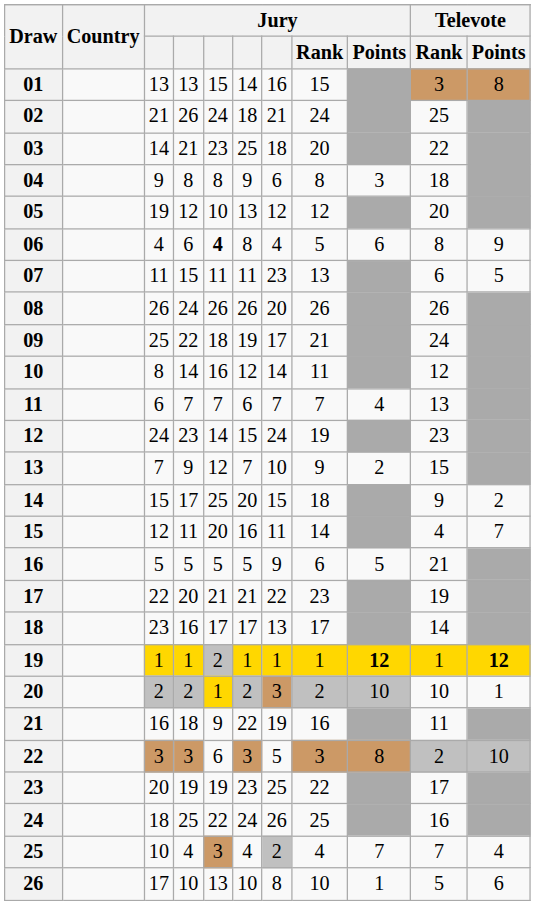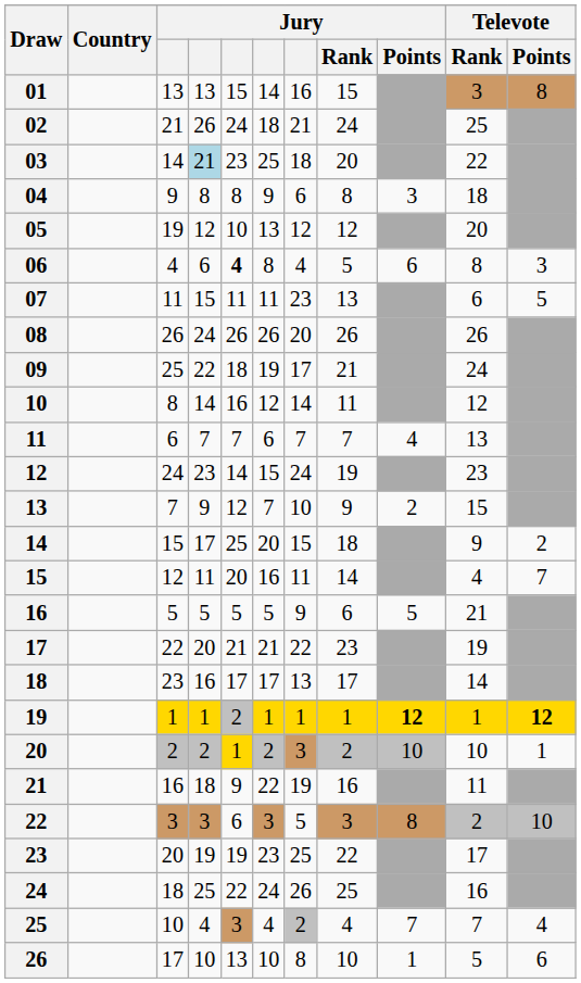 <table class="sortable wikitable collapsible plainrowheaders" style="text-align:center;">
 <tr>
 </tr>
 <tr>
 <th scope="col" rowspan="2">Draw</th>
 <th scope="col" rowspan="2">Country</th>
 <th scope="col" colspan="7">Jury</th>
 <th scope="col" colspan="2">Televote</th>
 </tr>
 <tr>
 <th scope="col"><small></small></th>
 <th scope="col"><small></small></th>
 <th scope="col"><small></small></th>
 <th scope="col"><small></small></th>
 <th scope="col"><small></small></th>
 <th scope="col">Rank</th>
 <th scope="col">Points</th>
 <th scope="col">Rank</th>
 <th scope="col">Points</th>
 </tr>
 <tr>
 <th scope="row" style="text-align:center;">01</th>
 <td style="text-align:left;"></td>
 <td>13</td>
 <td>13</td>
 <td>15</td>
 <td>14</td>
 <td>16</td>
 <td>15</td>
 <td style="background:#AAAAAA;"></td>
 <td style="background:#CC9966;">3</td>
 <td style="background:#CC9966;">8</td>
 </tr>
 <tr>
 <th scope="row" style="text-align:center;">02</th>
 <td style="text-align:left;"></td>
 <td>21</td>
 <td>26</td>
 <td>24</td>
 <td>18</td>
 <td>21</td>
 <td>24</td>
 <td style="background:#AAAAAA;"></td>
 <td>25</td>
 <td style="background:#AAAAAA;"></td>
 </tr>
 <tr>
 <th scope="row" style="text-align:center;">03</th>
 <td style="text-align:left;"></td>
 <td>14</td>
-<td>21</td>
+<td style="background: lightblue;">21</td>
 <td>23</td>
 <td>25</td>
 <td>18</td>
 <td>20</td>
 <td style="background:#AAAAAA;"></td>
 <td>22</td>
 <td style="background:#AAAAAA;"></td>
 </tr>
 <tr>
 <th scope="row" style="text-align:center;">04</th>
 <td style="text-align:left;"></td>
 <td>9</td>
 <td>8</td>
 <td>8</td>
 <td>9</td>
 <td>6</td>
 <td>8</td>
 <td>3</td>
 <td>18</td>
 <td style="background:#AAAAAA;"></td>
 </tr>
 <tr>
 <th scope="row" style="text-align:center;">05</th>
 <td style="text-align:left;"></td>
 <td>19</td>
 <td>12</td>
 <td>10</td>
 <td>13</td>
 <td>12</td>
 <td>12</td>
 <td style="background:#AAAAAA;"></td>
 <td>20</td>
 <td style="background:#AAAAAA;"></td>
 </tr>
 <tr>
 <th scope="row" style="text-align:center;">06</th>
 <td style="text-align:left;"></td>
 <td>4</td>
 <td>6</td>
 <td><strong>4</strong></td>
 <td>8</td>
 <td>4</td>
 <td>5</td>
 <td>6</td>
 <td>8</td>
-<td>9</td>
+<td>3</td>
 </tr>
 <tr>
 <th scope="row" style="text-align:center;">07</th>
 <td style="text-align:left;"></td>
 <td>11</td>
 <td>15</td>
 <td>11</td>
 <td>11</td>
 <td>23</td>
 <td>13</td>
 <td style="background:#AAAAAA;"></td>
 <td>6</td>
 <td>5</td>
 </tr>
 <tr>
 <th scope="row" style="text-align:center;">08</th>
 <td style="text-align:left;"></td>
 <td>26</td>
 <td>24</td>
 <td>26</td>
 <td>26</td>
 <td>20</td>
 <td>26</td>
 <td style="background:#AAAAAA;"></td>
 <td>26</td>
 <td style="background:#AAAAAA;"></td>
 </tr>
 <tr>
 <th scope="row" style="text-align:center;">09</th>
 <td style="text-align:left;"></td>
 <td>25</td>
 <td>22</td>
 <td>18</td>
 <td>19</td>
 <td>17</td>
 <td>21</td>
 <td style="background:#AAAAAA;"></td>
 <td>24</td>
 <td style="background:#AAAAAA;"></td>
 </tr>
 <tr>
 <th scope="row" style="text-align:center;">10</th>
 <td style="text-align:left;"></td>
 <td>8</td>
 <td>14</td>
 <td>16</td>
 <td>12</td>
 <td>14</td>
 <td>11</td>
 <td style="background:#AAAAAA;"></td>
 <td>12</td>
 <td style="background:#AAAAAA;"></td>
 </tr>
 <tr>
 <th scope="row" style="text-align:center;">11</th>
 <td style="text-align:left;"></td>
 <td>6</td>
 <td>7</td>
 <td>7</td>
 <td>6</td>
 <td>7</td>
 <td>7</td>
 <td>4</td>
 <td>13</td>
 <td style="background:#AAAAAA;"></td>
 </tr>
 <tr>
 <th scope="row" style="text-align:center;">12</th>
 <td style="text-align:left;"></td>
 <td>24</td>
 <td>23</td>
 <td>14</td>
 <td>15</td>
 <td>24</td>
 <td>19</td>
 <td style="background:#AAAAAA;"></td>
 <td>23</td>
 <td style="background:#AAAAAA;"></td>
 </tr>
 <tr>
 <th scope="row" style="text-align:center;">13</th>
 <td style="text-align:left;"></td>
 <td>7</td>
 <td>9</td>
 <td>12</td>
 <td>7</td>
 <td>10</td>
 <td>9</td>
 <td>2</td>
 <td>15</td>
 <td style="background:#AAAAAA;"></td>
 </tr>
 <tr>
 <th scope="row" style="text-align:center;">14</th>
 <td style="text-align:left;"></td>
 <td>15</td>
 <td>17</td>
 <td>25</td>
 <td>20</td>
 <td>15</td>
 <td>18</td>
 <td style="background:#AAAAAA;"></td>
 <td>9</td>
 <td>2</td>
 </tr>
 <tr>
 <th scope="row" style="text-align:center;">15</th>
 <td style="text-align:left;"></td>
 <td>12</td>
 <td>11</td>
 <td>20</td>
 <td>16</td>
 <td>11</td>
 <td>14</td>
 <td style="background:#AAAAAA;"></td>
 <td>4</td>
 <td>7</td>
 </tr>
 <tr>
 <th scope="row" style="text-align:center;">16</th>
 <td style="text-align:left;"></td>
 <td>5</td>
 <td>5</td>
 <td>5</td>
 <td>5</td>
 <td>9</td>
 <td>6</td>
 <td>5</td>
 <td>21</td>
 <td style="background:#AAAAAA;"></td>
 </tr>
 <tr>
 <th scope="row" style="text-align:center;">17</th>
 <td style="text-align:left;"></td>
 <td>22</td>
 <td>20</td>
 <td>21</td>
 <td>21</td>
 <td>22</td>
 <td>23</td>
 <td style="background:#AAAAAA;"></td>
 <td>19</td>
 <td style="background:#AAAAAA;"></td>
 </tr>
 <tr>
 <th scope="row" style="text-align:center;">18</th>
 <td style="text-align:left;"></td>
 <td>23</td>
 <td>16</td>
 <td>17</td>
 <td>17</td>
 <td>13</td>
 <td>17</td>
 <td style="background:#AAAAAA;"></td>
 <td>14</td>
 <td style="background:#AAAAAA;"></td>
 </tr>
 <tr>
 <th scope="row" style="text-align:center;">19</th>
 <td style="text-align:left;"></td>
 <td style="background:gold;">1</td>
 <td style="background:gold;">1</td>
 <td style="background:silver;">2</td>
 <td style="background:gold;">1</td>
 <td style="background:gold;">1</td>
 <td style="background:gold;">1</td>
 <td style="background:gold;"><strong>12</strong></td>
 <td style="background:gold;">1</td>
 <td style="background:gold;"><strong>12</strong></td>
 </tr>
 <tr>
 <th scope="row" style="text-align:center;">20</th>
 <td style="text-align:left;"></td>
 <td style="background:silver;">2</td>
 <td style="background:silver;">2</td>
 <td style="background:gold;">1</td>
 <td style="background:silver;">2</td>
 <td style="background:#CC9966;">3</td>
 <td style="background:silver;">2</td>
 <td style="background:silver;">10</td>
 <td>10</td>
 <td>1</td>
 </tr>
 <tr>
 <th scope="row" style="text-align:center;">21</th>
 <td style="text-align:left;"></td>
 <td>16</td>
 <td>18</td>
 <td>9</td>
 <td>22</td>
 <td>19</td>
 <td>16</td>
 <td style="background:#AAAAAA;"></td>
 <td>11</td>
 <td style="background:#AAAAAA;"></td>
 </tr>
 <tr>
 <th scope="row" style="text-align:center;">22</th>
 <td style="text-align:left;"></td>
 <td style="background:#CC9966;">3</td>
 <td style="background:#CC9966;">3</td>
 <td>6</td>
 <td style="background:#CC9966;">3</td>
 <td>5</td>
 <td style="background:#CC9966;">3</td>
 <td style="background:#CC9966;">8</td>
 <td style="background:silver;">2</td>
 <td style="background:silver;">10</td>
 </tr>
 <tr>
 <th scope="row" style="text-align:center;">23</th>
 <td style="text-align:left;"></td>
 <td>20</td>
 <td>19</td>
 <td>19</td>
 <td>23</td>
 <td>25</td>
 <td>22</td>
 <td style="background:#AAAAAA;"></td>
 <td>17</td>
 <td style="background:#AAAAAA;"></td>
 </tr>
 <tr>
 <th scope="row" style="text-align:center;">24</th>
 <td style="text-align:left;"></td>
 <td>18</td>
 <td>25</td>
 <td>22</td>
 <td>24</td>
 <td>26</td>
 <td>25</td>
 <td style="background:#AAAAAA;"></td>
 <td>16</td>
 <td style="background:#AAAAAA;"></td>
 </tr>
 <tr>
 <th scope="row" style="text-align:center;">25</th>
 <td style="text-align:left;"></td>
 <td>10</td>
 <td>4</td>
 <td style="background:#CC9966;">3</td>
 <td>4</td>
 <td style="background:silver;">2</td>
 <td>4</td>
 <td>7</td>
 <td>7</td>
 <td>4</td>
 </tr>
 <tr>
 <th scope="row" style="text-align:center;">26</th>
 <td style="text-align:left;"></td>
 <td>17</td>
 <td>10</td>
 <td>13</td>
 <td>10</td>
 <td>8</td>
 <td>10</td>
 <td>1</td>
 <td>5</td>
 <td>6</td>
 </tr>
 </table>
